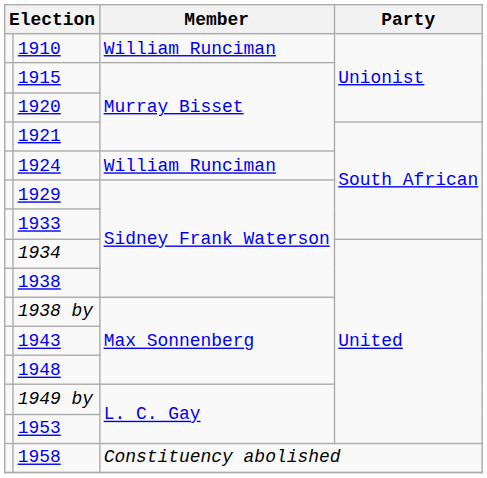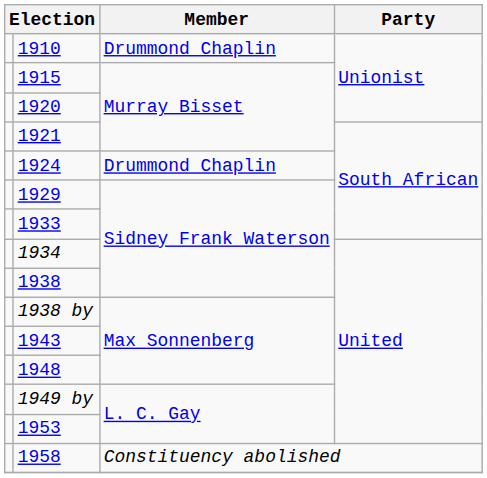 <table class="wikitable">
 <tr>
 <th colspan="2">Election</th>
 <th>Member</th>
 <th>Party</th>
 </tr>
 <tr>
 <td style="background-color: "></td>
 <td><a href='#'>1910</a></td>
-<td><a href='#'>William Runciman</a></td>
+<td><a href='#'>Drummond Chaplin</a></td>
 <td rowspan="3"><a href='#'>Unionist</a></td>
 </tr>
 <tr>
 <td style="background-color: "></td>
 <td><a href='#'>1915</a></td>
 <td rowspan="3"><a href='#'>Murray Bisset</a></td>
 </tr>
 <tr>
 <td style="background-color: "></td>
 <td><a href='#'>1920</a></td>
 </tr>
 <tr>
 <td style="background-color: "></td>
 <td><a href='#'>1921</a></td>
 <td rowspan="4"><a href='#'>South African</a></td>
 </tr>
 <tr>
 <td style="background-color: "></td>
 <td><a href='#'>1924</a></td>
-<td><a href='#'>William Runciman</a></td>
+<td><a href='#'>Drummond Chaplin</a></td>
 </tr>
 <tr>
 <td style="background-color: "></td>
 <td><a href='#'>1929</a></td>
 <td rowspan="4"><a href='#'>Sidney Frank Waterson</a></td>
 </tr>
 <tr>
 <td style="background-color: "></td>
 <td><a href='#'>1933</a></td>
 </tr>
 <tr>
 <td style="background-color: "></td>
 <td><em>1934</em></td>
 <td rowspan="7"><a href='#'>United</a></td>
 </tr>
 <tr>
 <td style="background-color: "></td>
 <td><a href='#'>1938</a></td>
 </tr>
 <tr>
 <td style="background-color: "></td>
 <td><em>1938 by</em></td>
 <td rowspan="3"><a href='#'>Max Sonnenberg</a></td>
 </tr>
 <tr>
 <td style="background-color: "></td>
 <td><a href='#'>1943</a></td>
 </tr>
 <tr>
 <td style="background-color: "></td>
 <td><a href='#'>1948</a></td>
 </tr>
 <tr>
 <td style="background-color: "></td>
 <td><em>1949 by</em></td>
 <td rowspan="2"><a href='#'>L. C. Gay</a></td>
 </tr>
 <tr>
 <td style="background-color: "></td>
 <td><a href='#'>1953</a></td>
 </tr>
 <tr>
 <td style="background-color: "></td>
 <td><a href='#'>1958</a></td>
 <td colspan="2"><em>Constituency abolished</em></td>
 </tr>
 <tr>
 </tr>
 </table>
